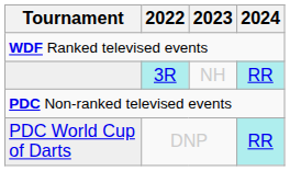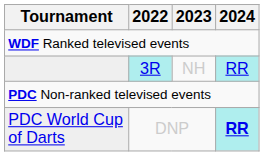 <table class="wikitable" style="width:20%; margin:0">
 <tr>
 <th>Tournament</th>
 <th>2022</th>
 <th>2023</th>
 <th>2024</th>
 </tr>
 <tr>
 <td colspan="4" style="text-align:left"><small><strong><a href='#'>WDF</a> </strong>Ranked televised events</small></td>
 </tr>
 <tr>
 <td style="background:#efefef;"></td>
 <td style="text-align:center; background:#afeeee;"><a href='#'>3R</a></td>
 <td style="text-align:center; color:#ccc;">NH</td>
 <td style="text-align:center; background:#afeeee;"><a href='#'>RR</a></td>
 </tr>
 <tr>
 <td colspan="4" style="text-align:left"><small><strong><a href='#'>PDC</a> </strong>Non-ranked televised events</small></td>
 </tr>
 <tr>
 <td style="background:#efefef;"><a href='#'>PDC World Cup of Darts</a></td>
 <td colspan="2" style="text-align:center; color:#ccc;">DNP</td>
-<td style="text-align:center; background:#afeeee;"><a href='#'>RR</a></td>
+<td style="text-align:center; background:#afeeee;"><strong><a href='#'>RR</a></strong></td>
 </tr>
 </table>
